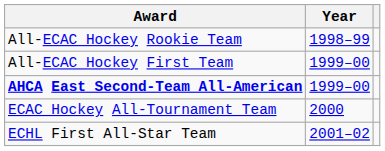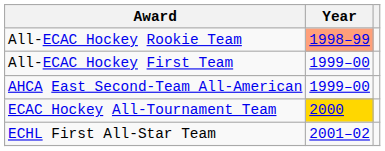 <table class="wikitable">
 <tr>
 <th>Award</th>
 <th>Year</th>
 <th></th>
 </tr>
 <tr>
 <td>All-<a href='#'>ECAC Hockey</a> <a href='#'>Rookie Team</a></td>
-<td><a href='#'>1998–99</a></td>
+<td style="background: lightsalmon;"><a href='#'>1998–99</a></td>
 <td></td>
 </tr>
 <tr>
 <td>All-<a href='#'>ECAC Hockey</a> <a href='#'>First Team</a></td>
 <td><a href='#'>1999–00</a></td>
 <td></td>
 </tr>
 <tr>
-<td><strong><a href='#'>AHCA</a> <a href='#'>East Second-Team All-American</a></strong></td>
+<td><a href='#'>AHCA</a> <a href='#'>East Second-Team All-American</a></td>
 <td><a href='#'>1999–00</a></td>
 <td></td>
 </tr>
 <tr>
 <td><a href='#'>ECAC Hockey</a> <a href='#'>All-Tournament Team</a></td>
-<td><a href='#'>2000</a></td>
+<td style="background: gold;"><a href='#'>2000</a></td>
 <td></td>
 </tr>
 <tr>
 <td><a href='#'>ECHL</a> First All-Star Team</td>
 <td><a href='#'>2001–02</a></td>
 <td></td>
 </tr>
 </table>
